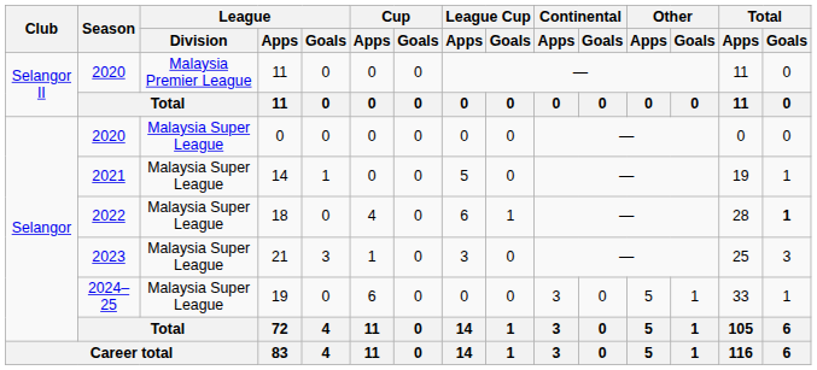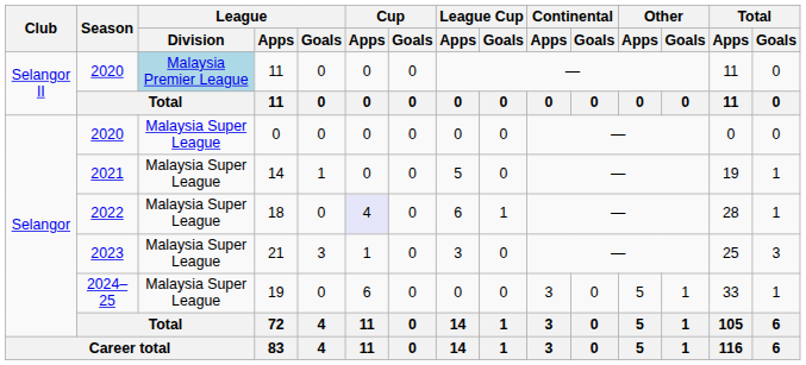 <table class="wikitable" style="text-align: center;">
 <tr>
 <th rowspan="2">Club</th>
 <th rowspan="2">Season</th>
 <th colspan="3">League</th>
 <th colspan="2">Cup</th>
 <th colspan="2">League Cup</th>
 <th colspan="2">Continental</th>
 <th colspan="2">Other</th>
 <th colspan="2">Total</th>
 </tr>
 <tr>
 <th>Division</th>
 <th>Apps</th>
 <th>Goals</th>
 <th>Apps</th>
 <th>Goals</th>
 <th>Apps</th>
 <th>Goals</th>
 <th>Apps</th>
 <th>Goals</th>
 <th>Apps</th>
 <th>Goals</th>
 <th>Apps</th>
 <th>Goals</th>
 </tr>
 <tr>
 <td rowspan="2"><a href='#'>Selangor II</a></td>
 <td><a href='#'>2020</a></td>
-<td><a href='#'>Malaysia Premier League</a></td>
+<td style="background: lightblue;"><a href='#'>Malaysia Premier League</a></td>
 <td>11</td>
 <td>0</td>
 <td>0</td>
 <td>0</td>
 <td colspan=6>—</td>
 <td>11</td>
 <td>0</td>
 </tr>
 <tr>
 <th colspan="2">Total</th>
 <th>11</th>
 <th>0</th>
 <th>0</th>
 <th>0</th>
 <th>0</th>
 <th>0</th>
 <th>0</th>
 <th>0</th>
 <th>0</th>
 <th>0</th>
 <th>11</th>
 <th>0</th>
 </tr>
 <tr>
 <td rowspan="6" valign="center"><a href='#'>Selangor</a></td>
 <td><a href='#'>2020</a></td>
 <td><a href='#'>Malaysia Super League</a></td>
 <td>0</td>
 <td>0</td>
 <td>0</td>
 <td>0</td>
 <td>0</td>
 <td>0</td>
 <td colspan=4>—</td>
 <td>0</td>
 <td>0</td>
 </tr>
 <tr>
 <td><a href='#'>2021</a></td>
 <td>Malaysia Super League</td>
 <td>14</td>
 <td>1</td>
 <td>0</td>
 <td>0</td>
 <td>5</td>
 <td>0</td>
 <td colspan=4>—</td>
 <td>19</td>
 <td>1</td>
 </tr>
 <tr>
 <td><a href='#'>2022</a></td>
 <td>Malaysia Super League</td>
 <td>18</td>
 <td>0</td>
-<td>4</td>
+<td style="background: lavender;">4</td>
 <td>0</td>
 <td>6</td>
 <td>1</td>
 <td colspan=4>—</td>
 <td>28</td>
-<td><strong>1</strong></td>
+<td>1</td>
 </tr>
 <tr>
 <td><a href='#'>2023</a></td>
 <td>Malaysia Super League</td>
 <td>21</td>
 <td>3</td>
 <td>1</td>
 <td>0</td>
 <td>3</td>
 <td>0</td>
 <td colspan=4>—</td>
 <td>25</td>
 <td>3</td>
 </tr>
 <tr>
 <td><a href='#'>2024–25</a></td>
 <td>Malaysia Super League</td>
 <td>19</td>
 <td>0</td>
 <td>6</td>
 <td>0</td>
 <td>0</td>
 <td>0</td>
 <td>3</td>
 <td>0</td>
 <td>5</td>
 <td>1</td>
 <td>33</td>
 <td>1</td>
 </tr>
 <tr>
 <th colspan="2">Total</th>
 <th>72</th>
 <th>4</th>
 <th>11</th>
 <th>0</th>
 <th>14</th>
 <th>1</th>
 <th>3</th>
 <th>0</th>
 <th>5</th>
 <th>1</th>
 <th>105</th>
 <th>6</th>
 </tr>
 <tr>
 <th colspan="3">Career total</th>
 <th>83</th>
 <th>4</th>
 <th>11</th>
 <th>0</th>
 <th>14</th>
 <th>1</th>
 <th>3</th>
 <th>0</th>
 <th>5</th>
 <th>1</th>
 <th>116</th>
 <th>6</th>
 </tr>
 </table>
